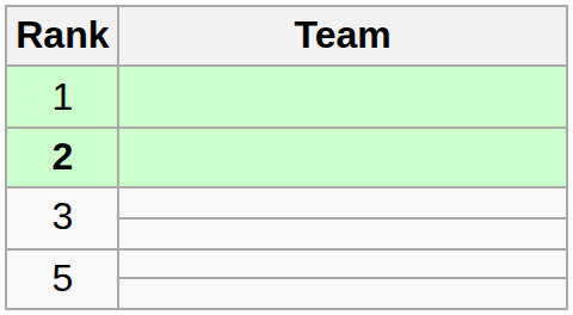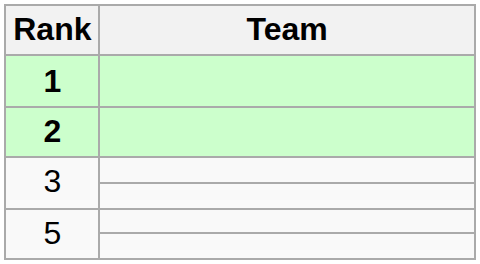 <table class="wikitable" style="text-align:center;">
 <tr>
 <th width=40>Rank</th>
 <th width=180>Team</th>
 </tr>
 <tr bgcolor=#ccffcc>
-<td>1</td>
+<td><strong>1</strong></td>
 <td style="text-align:left;"></td>
 </tr>
 <tr bgcolor=#ccffcc>
 <td><strong>2</strong></td>
 <td style="text-align:left;"></td>
 </tr>
 <tr>
 <td rowspan=2>3</td>
 <td style="text-align:left;"></td>
 </tr>
 <tr>
 <td style="text-align:left;"></td>
 </tr>
 <tr>
 <td rowspan=2>5</td>
 <td style="text-align:left;"></td>
 </tr>
 <tr>
 <td style="text-align:left;"></td>
 </tr>
 </table>
